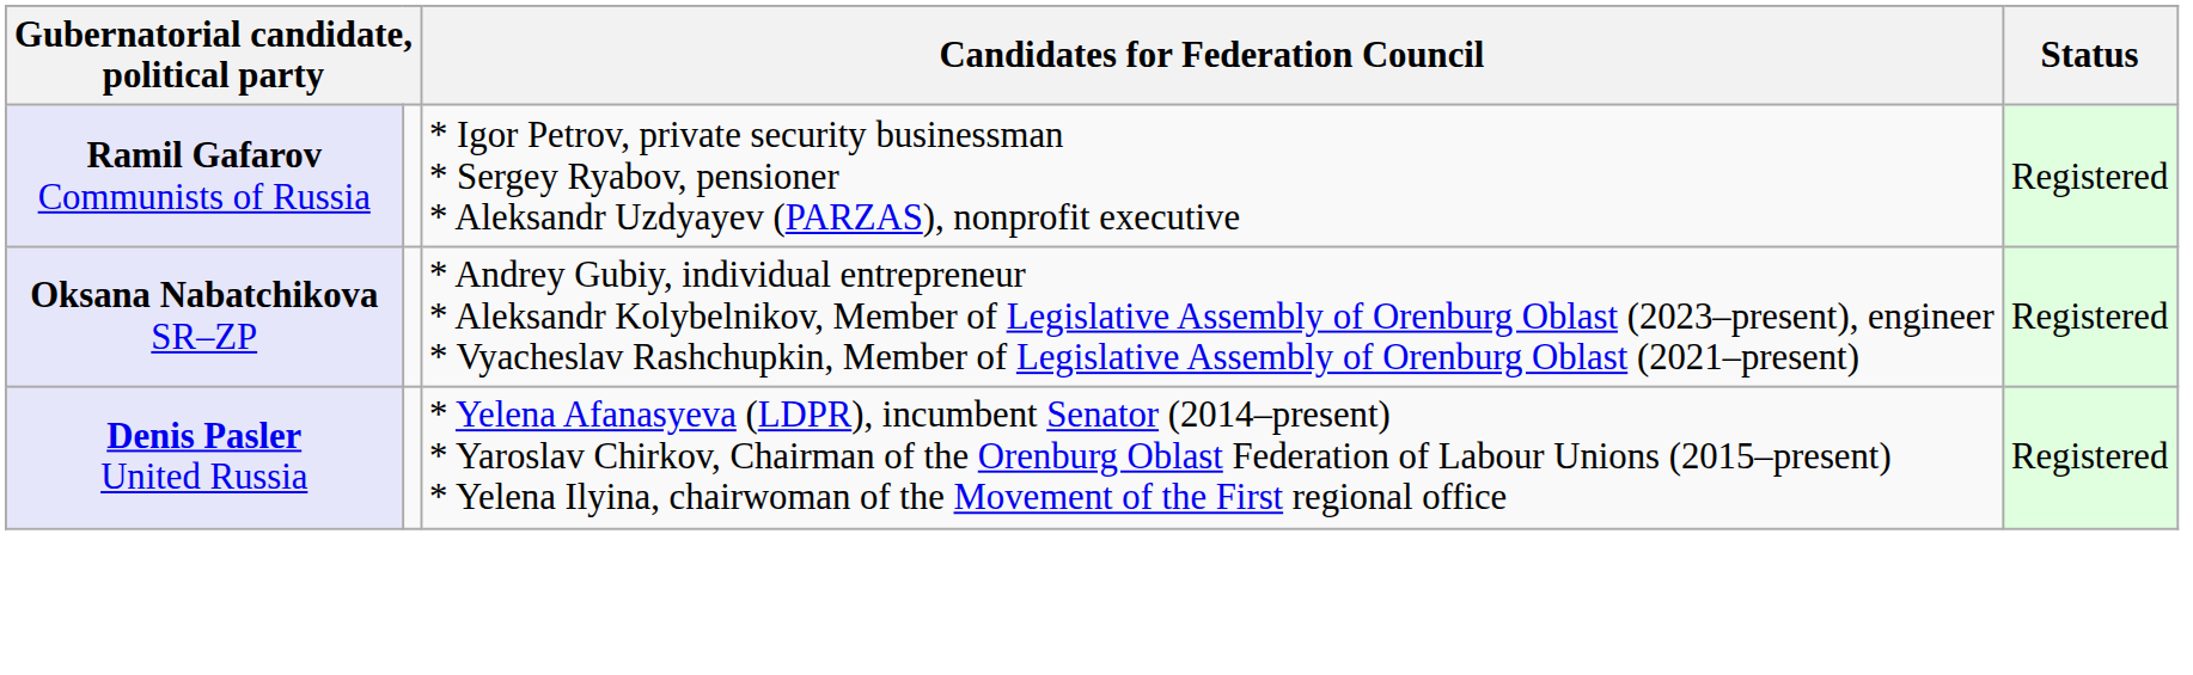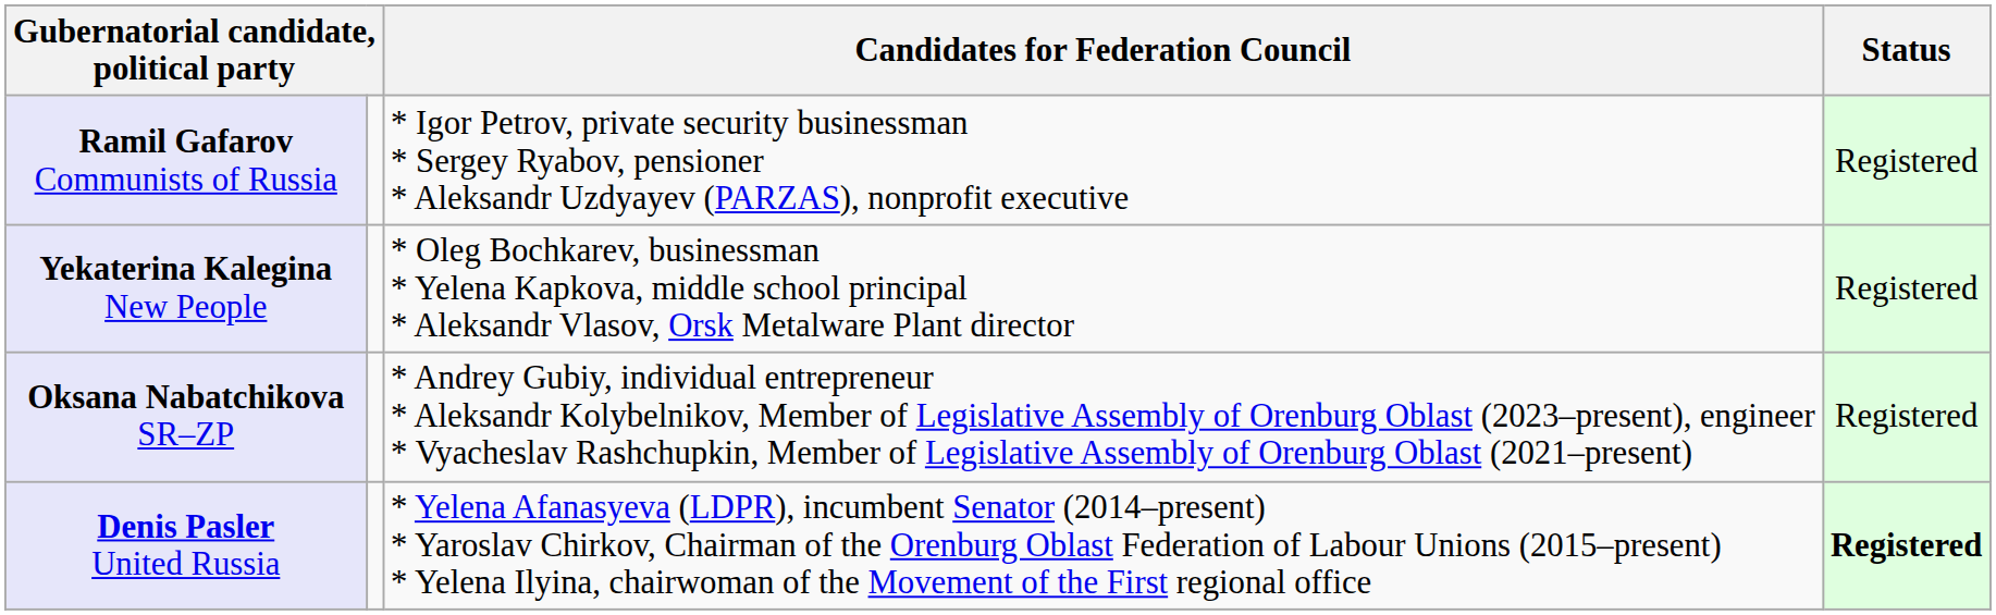 <table class="wikitable" style="text-align:center;">
 <tr>
 <th colspan="2">Gubernatorial candidate,<br>political party</th>
 <th>Candidates for Federation Council</th>
 <th>Status</th>
 </tr>
 <tr>
 <td style="background:lavender;"><strong>Ramil Gafarov</strong><br><a href='#'>Communists of Russia</a></td>
 <td style="background-color:"></td>
 <td align=left>* Igor Petrov, private security businessman<br> * Sergey Ryabov, pensioner<br> * Aleksandr Uzdyayev (<a href='#'>PARZAS</a>), nonprofit executive</td>
 <td bgcolor="#DFFFDF">Registered</td>
 </tr>
 <tr>
+<td style="background:lavender;"><strong>Yekaterina Kalegina</strong><br><a href='#'>New People</a></td>
+<td style="background-color:"></td>
+<td align=left>* Oleg Bochkarev, businessman<br> * Yelena Kapkova, middle school principal<br> * Aleksandr Vlasov, <a href='#'>Orsk</a> Metalware Plant director</td>
+<td bgcolor="#DFFFDF">Registered</td>
+</tr>
+<tr>
 <td style="background:lavender;"><strong>Oksana Nabatchikova</strong><br><a href='#'>SR–ZP</a></td>
 <td style="background-color:"></td>
 <td align=left>* Andrey Gubiy, individual entrepreneur<br> * Aleksandr Kolybelnikov, Member of <a href='#'>Legislative Assembly of Orenburg Oblast</a> (2023–present), engineer<br> * Vyacheslav Rashchupkin, Member of <a href='#'>Legislative Assembly of Orenburg Oblast</a> (2021–present)</td>
 <td bgcolor="#DFFFDF">Registered</td>
 </tr>
 <tr>
 <td style="background:lavender;"><strong><a href='#'>Denis Pasler</a></strong><br><a href='#'>United Russia</a></td>
 <td style="background-color:"></td>
 <td align=left>* <a href='#'>Yelena Afanasyeva</a> (<a href='#'>LDPR</a>), incumbent <a href='#'>Senator</a> (2014–present)<br> * Yaroslav Chirkov, Chairman of the <a href='#'>Orenburg Oblast</a> Federation of Labour Unions (2015–present)<br> * Yelena Ilyina, chairwoman of the <a href='#'>Movement of the First</a> regional office</td>
-<td bgcolor="#DFFFDF">Registered</td>
+<td bgcolor="#DFFFDF"><strong>Registered</strong></td>
 </tr>
 </table>
